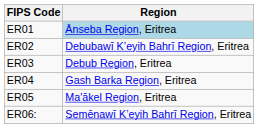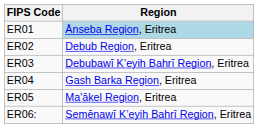 <table class="wikitable">
 <tr>
 <th>FIPS Code</th>
 <th>Region</th>
 </tr>
 <tr>
 <td>ER01</td>
 <td style="background: lightblue;"><a href='#'>Ānseba Region</a>, Eritrea</td>
 </tr>
 <tr>
 <td>ER02</td>
-<td><a href='#'>Debubawī K’eyih Bahrī Region</a>, Eritrea</td>
+<td><a href='#'>Debub Region</a>, Eritrea</td>
 </tr>
 <tr>
 <td>ER03</td>
-<td><a href='#'>Debub Region</a>, Eritrea</td>
+<td><a href='#'>Debubawī K’eyih Bahrī Region</a>, Eritrea</td>
 </tr>
 <tr>
 <td>ER04</td>
 <td><a href='#'>Gash Barka Region</a>, Eritrea</td>
 </tr>
 <tr>
 <td>ER05</td>
 <td><a href='#'>Ma'ākel Region</a>, Eritrea</td>
 </tr>
 <tr>
 <td>ER06:</td>
 <td><a href='#'>Semēnawī K’eyih Bahrī Region</a>, Eritrea</td>
 </tr>
 </table>
